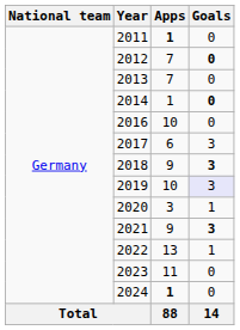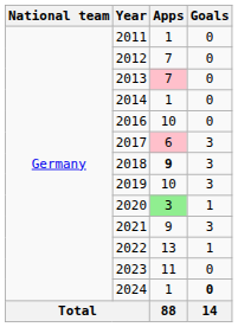 <table class="wikitable" style="text-align:center">
 <tr>
 <th>National team</th>
 <th>Year</th>
 <th>Apps</th>
 <th>Goals</th>
 </tr>
 <tr>
 <td rowspan="13"><a href='#'>Germany</a></td>
 <td>2011</td>
-<td><strong>1</strong></td>
+<td>1</td>
 <td>0</td>
 </tr>
 <tr>
 <td>2012</td>
 <td>7</td>
-<td><strong>0</strong></td>
+<td>0</td>
 </tr>
 <tr>
 <td>2013</td>
-<td>7</td>
+<td style="background: pink;">7</td>
 <td>0</td>
 </tr>
 <tr>
 <td>2014</td>
 <td>1</td>
-<td><strong>0</strong></td>
+<td>0</td>
 </tr>
 <tr>
 <td>2016</td>
 <td>10</td>
 <td>0</td>
 </tr>
 <tr>
 <td>2017</td>
-<td>6</td>
+<td style="background: pink;">6</td>
 <td>3</td>
 </tr>
 <tr>
 <td>2018</td>
-<td>9</td>
-<td><strong>3</strong></td>
+<td><strong>9</strong></td>
+<td>3</td>
 </tr>
 <tr>
 <td>2019</td>
 <td>10</td>
-<td style="background: lavender;">3</td>
+<td>3</td>
 </tr>
 <tr>
 <td>2020</td>
-<td>3</td>
+<td style="background: lightgreen;">3</td>
 <td>1</td>
 </tr>
 <tr>
 <td>2021</td>
 <td>9</td>
-<td><strong>3</strong></td>
+<td>3</td>
 </tr>
 <tr>
 <td>2022</td>
 <td>13</td>
 <td>1</td>
 </tr>
 <tr>
 <td>2023</td>
 <td>11</td>
 <td>0</td>
 </tr>
 <tr>
 <td>2024</td>
-<td><strong>1</strong></td>
-<td>0</td>
+<td>1</td>
+<td><strong>0</strong></td>
 </tr>
 <tr>
 <th colspan="2">Total</th>
 <th>88</th>
 <th>14</th>
 </tr>
 </table>
